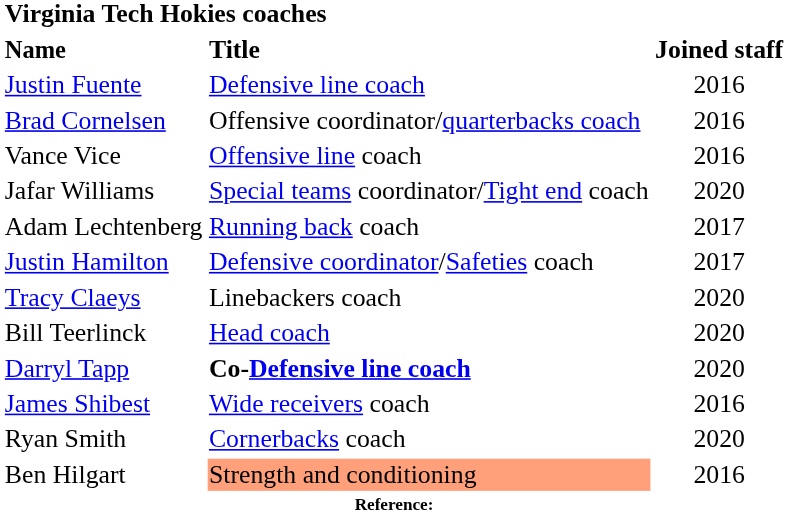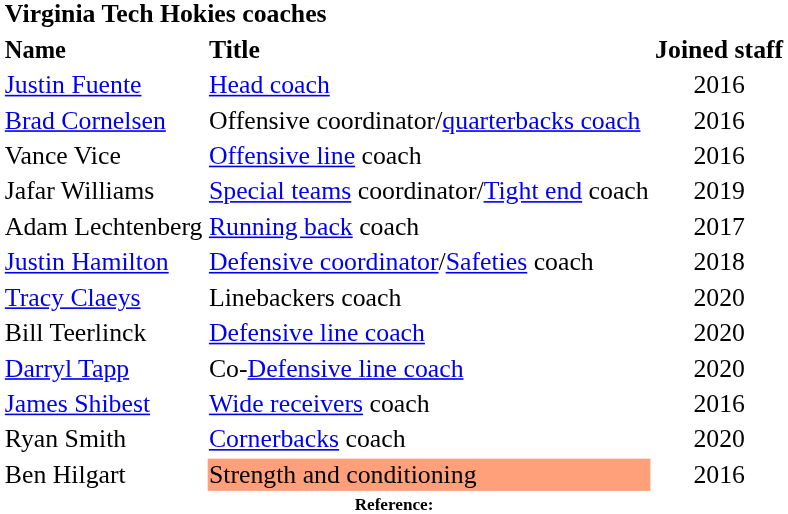 <table class="toccolours" style="text-align: left;">
 <tr>
 <td colspan="9"><strong>Virginia Tech Hokies coaches</strong></td>
 </tr>
 <tr>
 <td style="font-size: 95%;" valign="top"><strong>Name</strong></td>
 <td><strong>Title</strong></td>
 <td><strong>Joined staff</strong></td>
 </tr>
 <tr>
 <td><a href='#'>Justin Fuente</a></td>
-<td><a href='#'>Defensive line coach</a></td>
+<td><a href='#'>Head coach</a></td>
 <td align=center>2016</td>
 </tr>
 <tr>
 <td><a href='#'>Brad Cornelsen</a></td>
 <td>Offensive coordinator/<a href='#'>quarterbacks coach</a></td>
 <td align=center>2016</td>
 </tr>
 <tr>
 <td>Vance Vice</td>
 <td><a href='#'>Offensive line</a> coach</td>
 <td align="center">2016</td>
 </tr>
 <tr>
 <td>Jafar Williams</td>
 <td><a href='#'>Special teams</a> coordinator/<a href='#'>Tight end</a> coach</td>
-<td align="center">2020</td>
+<td align="center">2019</td>
 </tr>
 <tr>
 <td>Adam Lechtenberg</td>
 <td><a href='#'>Running back</a> coach</td>
 <td align="center">2017</td>
 </tr>
 <tr>
 <td><a href='#'>Justin Hamilton</a></td>
 <td><a href='#'>Defensive coordinator</a>/<a href='#'>Safeties</a> coach</td>
-<td align="center">2017</td>
+<td align="center">2018</td>
 </tr>
 <tr>
 <td><a href='#'>Tracy Claeys</a></td>
 <td>Linebackers coach</td>
 <td align="center">2020</td>
 </tr>
 <tr>
 <td>Bill Teerlinck</td>
-<td><a href='#'>Head coach</a></td>
+<td><a href='#'>Defensive line coach</a></td>
 <td align="center">2020</td>
 </tr>
 <tr>
 <td><a href='#'>Darryl Tapp</a></td>
-<td><strong>Co-<a href='#'>Defensive line coach</a></strong></td>
+<td>Co-<a href='#'>Defensive line coach</a></td>
 <td align="center">2020</td>
 </tr>
 <tr>
 <td><a href='#'>James Shibest</a></td>
 <td><a href='#'>Wide receivers</a> coach</td>
 <td align="center">2016</td>
 </tr>
 <tr>
 <td>Ryan Smith</td>
 <td><a href='#'>Cornerbacks</a> coach</td>
 <td align=center>2020</td>
 </tr>
 <tr>
 <td>Ben Hilgart</td>
 <td style="background: lightsalmon;">Strength and conditioning</td>
 <td align=center>2016</td>
 </tr>
 <tr>
 <td colspan="4" style="font-size:8pt; text-align:center;"><strong>Reference:</strong></td>
 </tr>
 </table>
